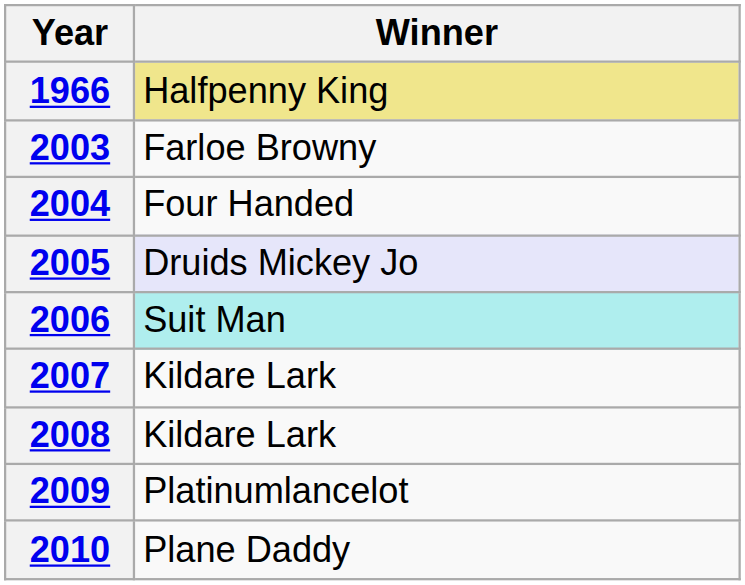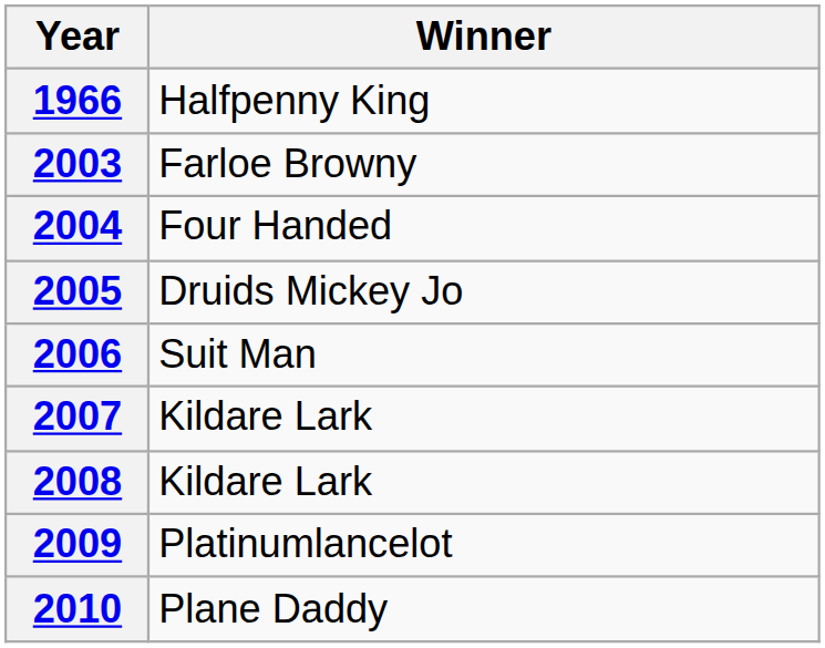 <table class="wikitable">
 <tr>
 <th width=50>Year</th>
 <th width=260>Winner</th>
 </tr>
 <tr>
 <th><a href='#'>1966</a></th>
-<td style="background: khaki;">Halfpenny King</td>
+<td>Halfpenny King</td>
 </tr>
 <tr>
 <th><a href='#'>2003</a></th>
 <td>Farloe Browny</td>
 </tr>
 <tr>
 <th><a href='#'>2004</a></th>
 <td>Four Handed</td>
 </tr>
 <tr>
 <th><a href='#'>2005</a></th>
-<td style="background: lavender;">Druids Mickey Jo</td>
+<td>Druids Mickey Jo</td>
 </tr>
 <tr>
 <th><a href='#'>2006</a></th>
-<td style="background: paleturquoise;">Suit Man</td>
+<td>Suit Man</td>
 </tr>
 <tr>
 <th><a href='#'>2007</a></th>
 <td>Kildare Lark</td>
 </tr>
 <tr>
 <th><a href='#'>2008</a></th>
 <td>Kildare Lark</td>
 </tr>
 <tr>
 <th><a href='#'>2009</a></th>
 <td>Platinumlancelot</td>
 </tr>
 <tr>
 <th><a href='#'>2010</a></th>
 <td>Plane Daddy</td>
 </tr>
 </table>
